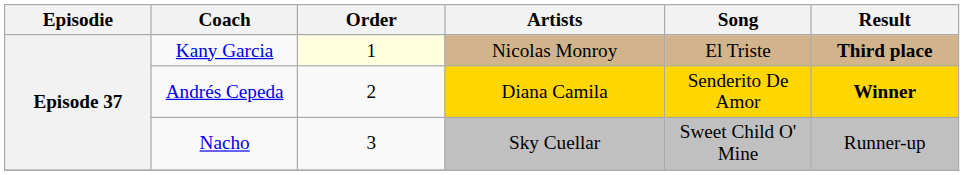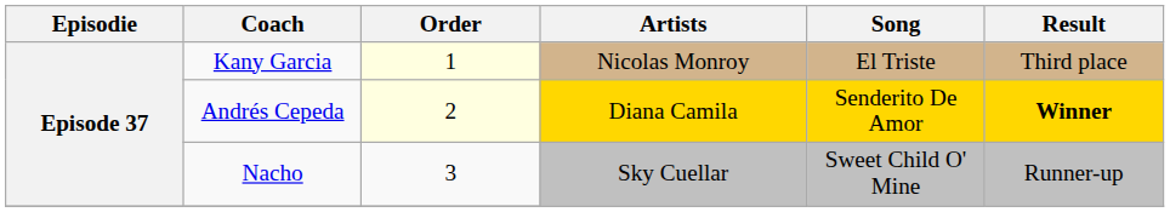 <table class="wikitable" style="text-align:center; width:90%;">
 <tr>
 <th style="width:10%;">Episodie</th>
 <th style="width:10%;">Coach</th>
 <th style="width:10%;">Order</th>
 <th style="width:15%;">Artists</th>
 <th style="width:10%;">Song</th>
 <th style="width:10%">Result</th>
 </tr>
 <tr>
 <th rowspan="3">Episode 37<br></th>
 <td><a href='#'>Kany Garcia</a></td>
 <td style="background: lightyellow;">1</td>
 <td bgcolor=tan>Nicolas Monroy</td>
 <td bgcolor=tan>El Triste</td>
-<td bgcolor=tan><strong>Third place</strong></td>
+<td bgcolor=tan>Third place</td>
 </tr>
 <tr>
 <td><a href='#'>Andrés Cepeda</a></td>
-<td>2</td>
+<td style="background: lightyellow;">2</td>
 <td bgcolor=gold>Diana Camila</td>
 <td bgcolor=gold>Senderito De Amor</td>
 <td bgcolor=gold><strong>Winner</strong></td>
 </tr>
 <tr>
 <td><a href='#'>Nacho</a></td>
 <td>3</td>
 <td bgcolor=silver>Sky Cuellar</td>
 <td bgcolor=silver>Sweet Child O' Mine</td>
 <td bgcolor=silver>Runner-up</td>
 </tr>
 <tr>
 </tr>
 </table>
